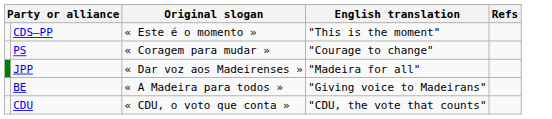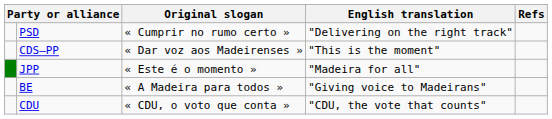 <table class="wikitable" style="font-size:97%; text-align:left;">
 <tr>
 <th style="text-align:left;" colspan="2">Party or alliance</th>
 <th>Original slogan</th>
 <th>English translation</th>
 <th>Refs</th>
 </tr>
 <tr>
 <td style="color:inherit;background:"></td>
-<td><a href='#'>CDS–PP</a></td>
-<td>« Este é o momento »</td>
-<td>"This is the moment"</td>
+<td><a href='#'>PSD</a></td>
+<td>« Cumprir no rumo certo »</td>
+<td>"Delivering on the right track"</td>
 <td></td>
 </tr>
 <tr>
-<td width="1" style="color:inherit;background:"></td>
-<td><a href='#'>PS</a></td>
-<td>« Coragem para mudar »</td>
-<td>"Courage to change"</td>
+<td style="color:inherit;background:"></td>
+<td><a href='#'>CDS–PP</a></td>
+<td>« Dar voz aos Madeirenses »</td>
+<td>"This is the moment"</td>
 <td></td>
 </tr>
 <tr>
 <td style="background:green;"></td>
 <td><a href='#'>JPP</a></td>
-<td>« Dar voz aos Madeirenses »</td>
+<td>« Este é o momento »</td>
 <td>"Madeira for all"</td>
 <td></td>
 </tr>
 <tr>
 <td style="color:inherit;background:"></td>
 <td><a href='#'>BE</a></td>
 <td>« A Madeira para todos »</td>
 <td>"Giving voice to Madeirans"</td>
 <td></td>
 </tr>
 <tr>
 <td style="color:inherit;background:"></td>
 <td><a href='#'>CDU</a></td>
 <td>« CDU, o voto que conta »</td>
 <td>"CDU, the vote that counts"</td>
 <td></td>
 </tr>
 </table>
